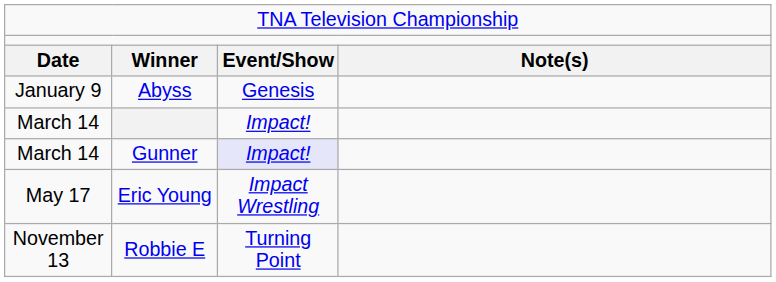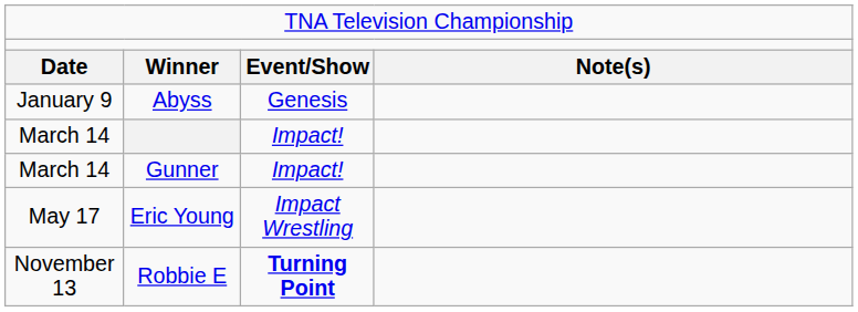 <table class="wikitable" style="text-align:center; width:100%;">
 <tr>
 <td colspan="5"><a href='#'>TNA Television Championship</a></td>
 </tr>
 <tr>
 <td colspan="5"><strong></strong></td>
 </tr>
 <tr>
 <th width="14%">Date</th>
 <th width="14%">Winner</th>
 <th width="14%">Event/Show</th>
 <th width="58%">Note(s)</th>
 </tr>
 <tr>
 <td>January 9</td>
 <td><a href='#'>Abyss</a></td>
 <td><a href='#'>Genesis</a></td>
 <td></td>
 </tr>
 <tr>
 <td>March 14</td>
 <th></th>
 <td><em><a href='#'>Impact!</a></em></td>
 <td></td>
 </tr>
 <tr>
 <td>March 14</td>
 <td><a href='#'>Gunner</a></td>
-<td style="background: lavender;"><em><a href='#'>Impact!</a></em></td>
+<td><em><a href='#'>Impact!</a></em></td>
 <td></td>
 </tr>
 <tr>
 <td>May 17</td>
 <td><a href='#'>Eric Young</a></td>
 <td><em><a href='#'>Impact Wrestling</a></em></td>
 <td></td>
 </tr>
 <tr>
 <td>November 13</td>
 <td><a href='#'>Robbie E</a></td>
-<td><a href='#'>Turning Point</a></td>
+<td><strong><a href='#'>Turning Point</a></strong></td>
 <td></td>
 </tr>
 </table>
